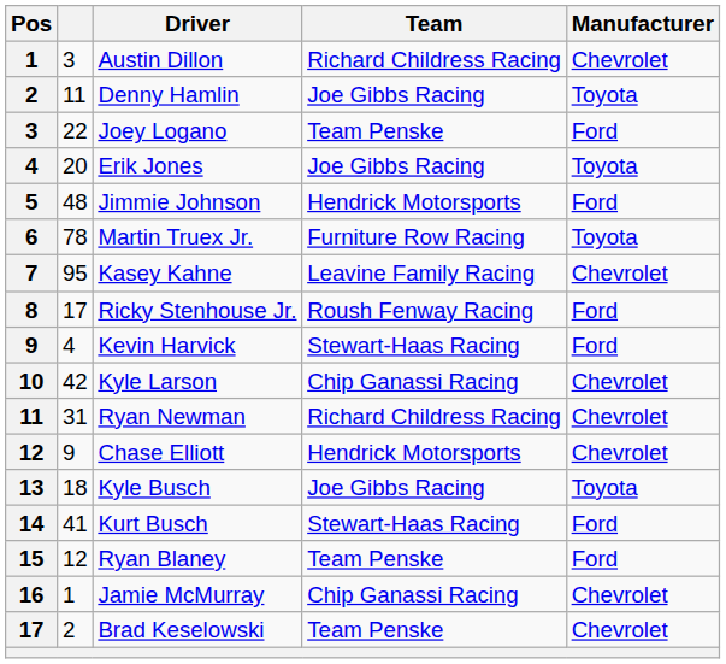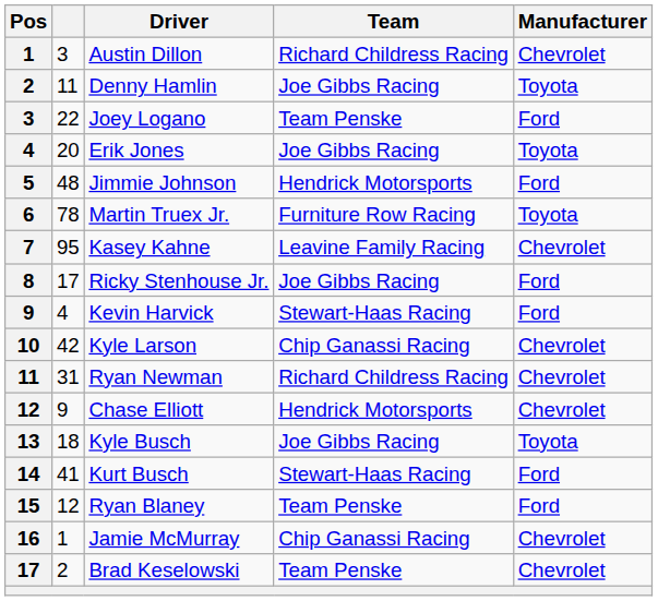 <table class="wikitable" style="font-size:95%">
 <tr>
 <th>Pos</th>
 <th></th>
 <th>Driver</th>
 <th>Team</th>
 <th>Manufacturer</th>
 </tr>
 <tr>
 <th>1</th>
 <td>3</td>
 <td><a href='#'>Austin Dillon</a></td>
 <td><a href='#'>Richard Childress Racing</a></td>
 <td><a href='#'>Chevrolet</a></td>
 </tr>
 <tr>
 <th>2</th>
 <td>11</td>
 <td><a href='#'>Denny Hamlin</a></td>
 <td><a href='#'>Joe Gibbs Racing</a></td>
 <td><a href='#'>Toyota</a></td>
 </tr>
 <tr>
 <th>3</th>
 <td>22</td>
 <td><a href='#'>Joey Logano</a></td>
 <td><a href='#'>Team Penske</a></td>
 <td><a href='#'>Ford</a></td>
 </tr>
 <tr>
 <th>4</th>
 <td>20</td>
 <td><a href='#'>Erik Jones</a></td>
 <td><a href='#'>Joe Gibbs Racing</a></td>
 <td><a href='#'>Toyota</a></td>
 </tr>
 <tr>
 <th>5</th>
 <td>48</td>
 <td><a href='#'>Jimmie Johnson</a></td>
 <td><a href='#'>Hendrick Motorsports</a></td>
 <td><a href='#'>Ford</a></td>
 </tr>
 <tr>
 <th>6</th>
 <td>78</td>
 <td><a href='#'>Martin Truex Jr.</a></td>
 <td><a href='#'>Furniture Row Racing</a></td>
 <td><a href='#'>Toyota</a></td>
 </tr>
 <tr>
 <th>7</th>
 <td>95</td>
 <td><a href='#'>Kasey Kahne</a></td>
 <td><a href='#'>Leavine Family Racing</a></td>
 <td><a href='#'>Chevrolet</a></td>
 </tr>
 <tr>
 <th>8</th>
 <td>17</td>
 <td><a href='#'>Ricky Stenhouse Jr.</a></td>
-<td><a href='#'>Roush Fenway Racing</a></td>
+<td><a href='#'>Joe Gibbs Racing</a></td>
 <td><a href='#'>Ford</a></td>
 </tr>
 <tr>
 <th>9</th>
 <td>4</td>
 <td><a href='#'>Kevin Harvick</a></td>
 <td><a href='#'>Stewart-Haas Racing</a></td>
 <td><a href='#'>Ford</a></td>
 </tr>
 <tr>
 <th>10</th>
 <td>42</td>
 <td><a href='#'>Kyle Larson</a></td>
 <td><a href='#'>Chip Ganassi Racing</a></td>
 <td><a href='#'>Chevrolet</a></td>
 </tr>
 <tr>
 <th>11</th>
 <td>31</td>
 <td><a href='#'>Ryan Newman</a></td>
 <td><a href='#'>Richard Childress Racing</a></td>
 <td><a href='#'>Chevrolet</a></td>
 </tr>
 <tr>
 <th>12</th>
 <td>9</td>
 <td><a href='#'>Chase Elliott</a></td>
 <td><a href='#'>Hendrick Motorsports</a></td>
 <td><a href='#'>Chevrolet</a></td>
 </tr>
 <tr>
 <th>13</th>
 <td>18</td>
 <td><a href='#'>Kyle Busch</a></td>
 <td><a href='#'>Joe Gibbs Racing</a></td>
 <td><a href='#'>Toyota</a></td>
 </tr>
 <tr>
 <th>14</th>
 <td>41</td>
 <td><a href='#'>Kurt Busch</a></td>
 <td><a href='#'>Stewart-Haas Racing</a></td>
 <td><a href='#'>Ford</a></td>
 </tr>
 <tr>
 <th>15</th>
 <td>12</td>
 <td><a href='#'>Ryan Blaney</a></td>
 <td><a href='#'>Team Penske</a></td>
 <td><a href='#'>Ford</a></td>
 </tr>
 <tr>
 <th>16</th>
 <td>1</td>
 <td><a href='#'>Jamie McMurray</a></td>
 <td><a href='#'>Chip Ganassi Racing</a></td>
 <td><a href='#'>Chevrolet</a></td>
 </tr>
 <tr>
 <th>17</th>
 <td>2</td>
 <td><a href='#'>Brad Keselowski</a></td>
 <td><a href='#'>Team Penske</a></td>
 <td><a href='#'>Chevrolet</a></td>
 </tr>
 <tr>
 <th colspan="7"></th>
 </tr>
 </table>
